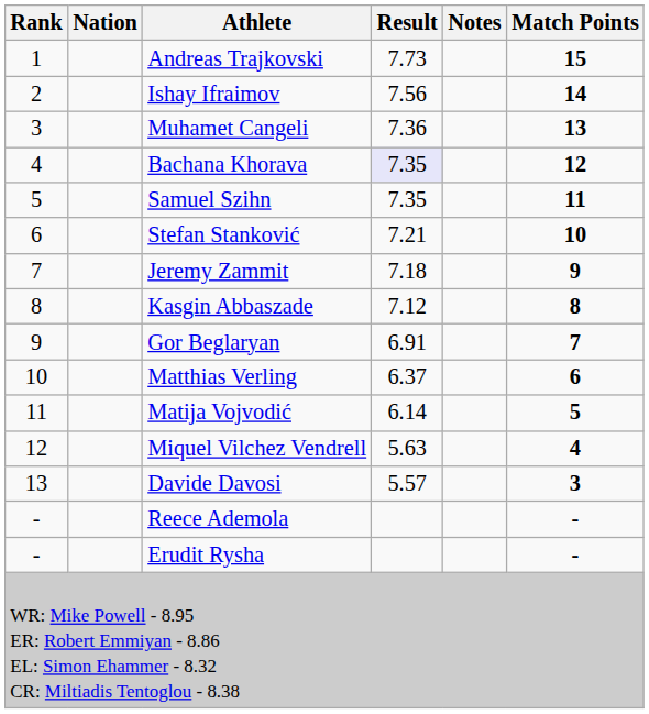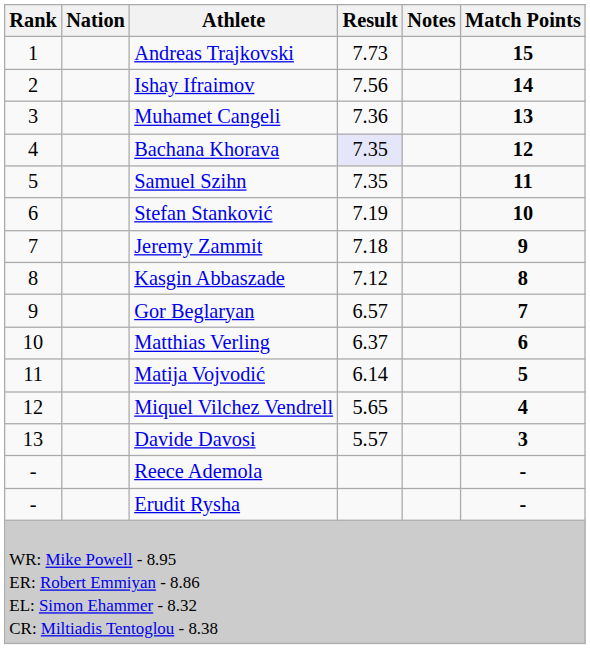 <table class="wikitable sortable" style="text-align:left;">
 <tr>
 <th>Rank</th>
 <th>Nation</th>
 <th>Athlete</th>
 <th>Result</th>
 <th>Notes</th>
 <th>Match Points</th>
 </tr>
 <tr>
 <td align=center>1</td>
 <td></td>
 <td><a href='#'>Andreas Trajkovski</a></td>
 <td align=center>7.73</td>
 <td></td>
 <td align=center><strong>15</strong></td>
 </tr>
 <tr>
 <td align=center>2</td>
 <td></td>
 <td><a href='#'>Ishay Ifraimov</a></td>
 <td align=center>7.56</td>
 <td align=center></td>
 <td align=center><strong>14</strong></td>
 </tr>
 <tr>
 <td align=center>3</td>
 <td></td>
 <td><a href='#'>Muhamet Cangeli</a></td>
 <td align=center>7.36</td>
 <td align=center></td>
 <td align=center><strong>13</strong></td>
 </tr>
 <tr>
 <td align=center>4</td>
 <td></td>
 <td><a href='#'>Bachana Khorava</a></td>
 <td align=center style="background: lavender;">7.35</td>
 <td></td>
 <td align=center><strong>12</strong></td>
 </tr>
 <tr>
 <td align=center>5</td>
 <td></td>
 <td><a href='#'>Samuel Szihn</a></td>
 <td align=center>7.35</td>
 <td></td>
 <td align=center><strong>11</strong></td>
 </tr>
 <tr>
 <td align=center>6</td>
 <td></td>
 <td><a href='#'>Stefan Stanković</a></td>
-<td align=center>7.21</td>
+<td align=center>7.19</td>
 <td align=center></td>
 <td align=center><strong>10</strong></td>
 </tr>
 <tr>
 <td align=center>7</td>
 <td></td>
 <td><a href='#'>Jeremy Zammit</a></td>
 <td align=center>7.18</td>
 <td></td>
 <td align=center><strong>9</strong></td>
 </tr>
 <tr>
 <td align=center>8</td>
 <td></td>
 <td><a href='#'>Kasgin Abbaszade</a></td>
 <td align=center>7.12</td>
 <td></td>
 <td align=center><strong>8</strong></td>
 </tr>
 <tr>
 <td align=center>9</td>
 <td></td>
 <td><a href='#'>Gor Beglaryan</a></td>
-<td align=center>6.91</td>
+<td align=center>6.57</td>
 <td align=center></td>
 <td align=center><strong>7</strong></td>
 </tr>
 <tr>
 <td align=center>10</td>
 <td></td>
 <td><a href='#'>Matthias Verling</a></td>
 <td align=center>6.37</td>
 <td align=center></td>
 <td align=center><strong>6</strong></td>
 </tr>
 <tr>
 <td align=center>11</td>
 <td></td>
 <td><a href='#'>Matija Vojvodić</a></td>
 <td align=center>6.14</td>
 <td></td>
 <td align=center><strong>5</strong></td>
 </tr>
 <tr>
 <td align=center>12</td>
 <td></td>
 <td><a href='#'>Miquel Vilchez Vendrell</a></td>
-<td align=center>5.63</td>
+<td align=center>5.65</td>
 <td></td>
 <td align=center><strong>4</strong></td>
 </tr>
 <tr>
 <td align=center>13</td>
 <td></td>
 <td><a href='#'>Davide Davosi</a></td>
 <td align=center>5.57</td>
 <td align=center></td>
 <td align=center><strong>3</strong></td>
 </tr>
 <tr>
 <td align=center>-</td>
 <td></td>
 <td><a href='#'>Reece Ademola</a></td>
 <td align=center></td>
 <td></td>
 <td align=center><strong>-</strong></td>
 </tr>
 <tr>
 <td align=center>-</td>
 <td></td>
 <td><a href='#'>Erudit Rysha</a></td>
 <td align=center></td>
 <td></td>
 <td align=center><strong>-</strong></td>
 </tr>
 <tr>
 <td colspan="6" bgcolor="#cccccc"><br> <small>WR:   <a href='#'>Mike Powell</a> - 8.95<br>ER:  <a href='#'>Robert Emmiyan</a> - 8.86<br></small> <small>EL:   <a href='#'>Simon Ehammer</a> - 8.32<br>CR:  <a href='#'>Miltiadis Tentoglou</a> - 8.38</small></td>
 </tr>
 </table>
